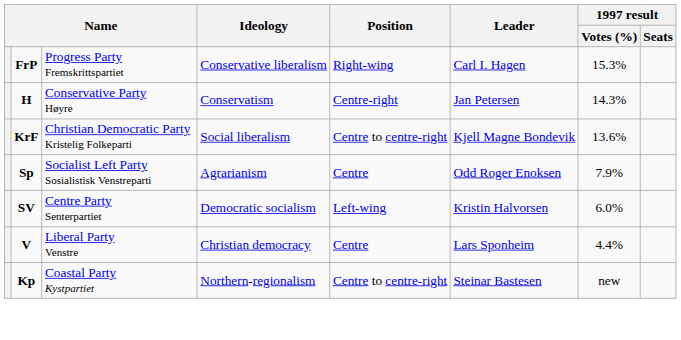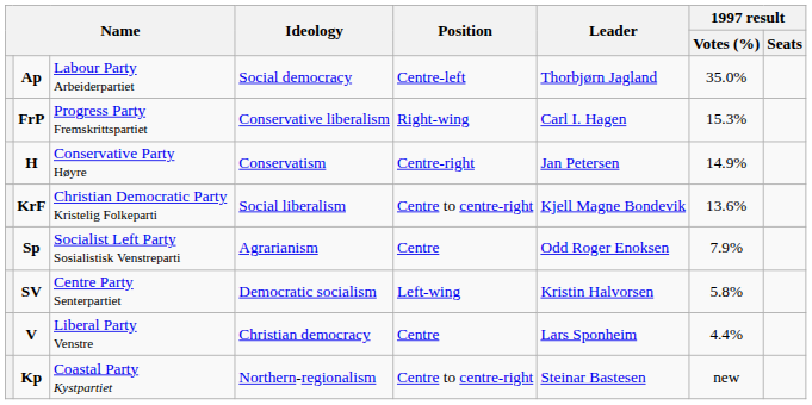 <table class="wikitable">
 <tr>
 <th rowspan=2 colspan=3 width=225px>Name</th>
 <th rowspan=2>Ideology</th>
 <th rowspan=2>Position</th>
 <th rowspan=2>Leader</th>
 <th colspan=2>1997 result</th>
 </tr>
 <tr>
 <th>Votes (%)</th>
 <th>Seats</th>
+</tr>
+<tr>
+<th style="background:"></th>
+<td align=center><strong>Ap</strong></td>
+<td><a href='#'>Labour Party</a><br><small>Arbeiderpartiet</small></td>
+<td><a href='#'>Social democracy</a></td>
+<td><a href='#'>Centre-left</a></td>
+<td><a href='#'>Thorbjørn Jagland</a></td>
+<td align=center>35.0%</td>
+<td></td>
 </tr>
 <tr>
 <th style="background:"></th>
 <td align="center"><strong>FrP</strong></td>
 <td><a href='#'>Progress Party</a><br><small>Fremskrittspartiet</small></td>
 <td><a href='#'>Conservative liberalism</a></td>
 <td><a href='#'>Right-wing</a></td>
 <td><a href='#'>Carl I. Hagen</a></td>
 <td align="center">15.3%</td>
 <td></td>
 </tr>
 <tr>
 <th style="background:"></th>
 <td align="center"><strong>H</strong></td>
 <td><a href='#'>Conservative Party</a><br><small>Høyre</small></td>
 <td><a href='#'>Conservatism</a></td>
 <td><a href='#'>Centre-right</a></td>
 <td><a href='#'>Jan Petersen</a></td>
-<td align="center">14.3%</td>
+<td align="center">14.9%</td>
 <td></td>
 </tr>
 <tr>
 <th style="background:"></th>
 <td align="center"><strong>KrF</strong></td>
 <td><a href='#'>Christian Democratic Party</a><br><small>Kristelig Folkeparti</small></td>
 <td><a href='#'>Social liberalism</a></td>
 <td><a href='#'>Centre</a> to <a href='#'>centre-right</a></td>
 <td><a href='#'>Kjell Magne Bondevik</a></td>
 <td align="center">13.6%</td>
 <td></td>
 </tr>
 <tr>
 <th style="background:"></th>
 <td align="center"><strong>Sp</strong></td>
 <td><a href='#'>Socialist Left Party</a><br><small>Sosialistisk Venstreparti</small></td>
 <td><a href='#'>Agrarianism</a></td>
 <td><a href='#'>Centre</a></td>
 <td><a href='#'>Odd Roger Enoksen</a></td>
 <td align="center">7.9%</td>
 <td></td>
 </tr>
 <tr>
 <th style="background:"></th>
 <td align="center"><strong>SV</strong></td>
 <td><a href='#'>Centre Party</a><br><small>Senterpartiet</small></td>
 <td><a href='#'>Democratic socialism</a></td>
 <td><a href='#'>Left-wing</a></td>
 <td><a href='#'>Kristin Halvorsen</a></td>
-<td align="center">6.0%</td>
+<td align="center">5.8%</td>
 <td></td>
 </tr>
 <tr>
 <th style="background:"></th>
 <td align=center><strong>V</strong></td>
 <td><a href='#'>Liberal Party</a><br><small>Venstre</small></td>
 <td><a href='#'>Christian democracy</a></td>
 <td><a href='#'>Centre</a></td>
 <td><a href='#'>Lars Sponheim</a></td>
 <td align=center>4.4%</td>
 <td></td>
 </tr>
 <tr>
 <th style="background:"></th>
 <td align="center"><strong>Kp</strong></td>
 <td><a href='#'>Coastal Party</a><br><small><em>Kystpartiet</em></small></td>
 <td><a href='#'>Northern</a>-<a href='#'>regionalism</a></td>
 <td><a href='#'>Centre</a> to <a href='#'>centre-right</a></td>
 <td><a href='#'>Steinar Bastesen</a></td>
 <td align="center">new</td>
 <td></td>
 </tr>
 </table>
